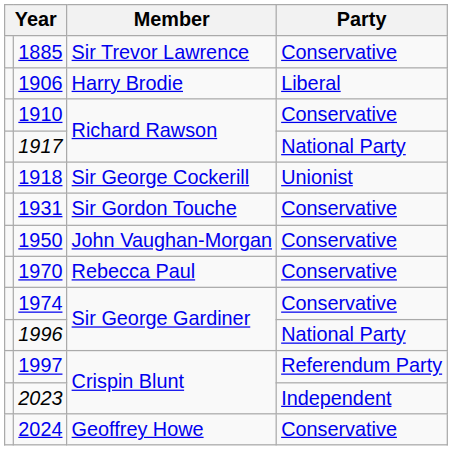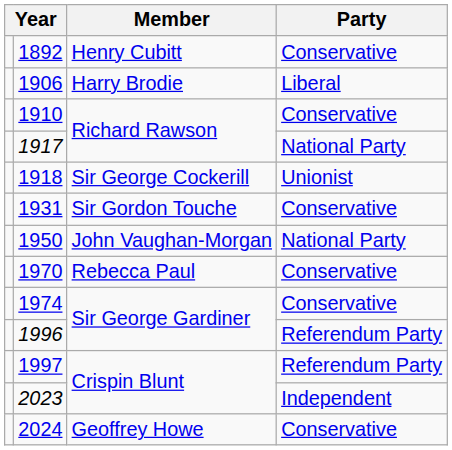 <table class="wikitable">
 <tr>
 <th colspan="2">Year</th>
 <th>Member</th>
 <th>Party</th>
 </tr>
 <tr>
 <td style="color:inherit;background-color: "></td>
-<td><a href='#'>1885</a></td>
-<td><a href='#'>Sir Trevor Lawrence</a></td>
+<td><a href='#'>1892</a></td>
+<td><a href='#'>Henry Cubitt</a></td>
 <td><a href='#'>Conservative</a></td>
 </tr>
 <tr>
 <td style="color:inherit;background-color: "></td>
 <td><a href='#'>1906</a></td>
 <td><a href='#'>Harry Brodie</a></td>
 <td><a href='#'>Liberal</a></td>
 </tr>
 <tr>
 <td style="color:inherit;background-color: "></td>
 <td><a href='#'>1910</a></td>
 <td rowspan="2"><a href='#'>Richard Rawson</a></td>
 <td><a href='#'>Conservative</a></td>
 </tr>
 <tr>
 <td style="color:inherit;background-color: "></td>
 <td><em>1917</em></td>
 <td><a href='#'>National Party</a></td>
 </tr>
 <tr>
 <td style="color:inherit;background-color: "></td>
 <td><a href='#'>1918</a></td>
 <td><a href='#'>Sir George Cockerill</a></td>
 <td><a href='#'>Unionist</a></td>
 </tr>
 <tr>
 <td style="color:inherit;background-color: "></td>
 <td><a href='#'>1931</a></td>
 <td><a href='#'>Sir Gordon Touche</a></td>
 <td><a href='#'>Conservative</a></td>
 </tr>
 <tr>
 <td style="color:inherit;background-color: "></td>
 <td><a href='#'>1950</a></td>
 <td><a href='#'>John Vaughan-Morgan</a></td>
-<td><a href='#'>Conservative</a></td>
+<td><a href='#'>National Party</a></td>
 </tr>
 <tr>
 <td style="color:inherit;background-color: "></td>
 <td><a href='#'>1970</a></td>
 <td><a href='#'>Rebecca Paul</a></td>
 <td><a href='#'>Conservative</a></td>
 </tr>
 <tr>
 <td style="color:inherit;background-color: "></td>
 <td><a href='#'>1974</a></td>
 <td rowspan="2"><a href='#'>Sir George Gardiner</a></td>
 <td><a href='#'>Conservative</a></td>
 </tr>
 <tr>
 <td style="color:inherit;background-color: "></td>
 <td><em>1996</em></td>
-<td><a href='#'>National Party</a></td>
+<td><a href='#'>Referendum Party</a></td>
 </tr>
 <tr>
 <td style="color:inherit;background-color: "></td>
 <td><a href='#'>1997</a></td>
 <td rowspan="2"><a href='#'>Crispin Blunt</a></td>
 <td><a href='#'>Referendum Party</a></td>
 </tr>
 <tr>
 <td style="color:inherit;background-color: "></td>
 <td><em>2023</em></td>
 <td><a href='#'>Independent</a></td>
 </tr>
 <tr>
 <td style="color:inherit;background-color: "></td>
 <td><a href='#'>2024</a></td>
 <td><a href='#'>Geoffrey Howe</a></td>
 <td><a href='#'>Conservative</a></td>
 </tr>
 </table>
